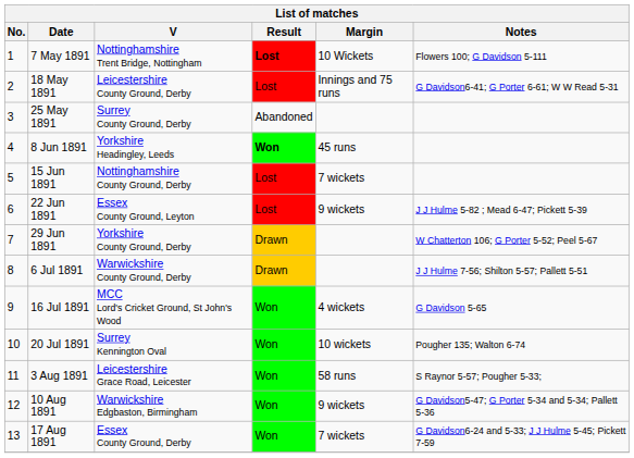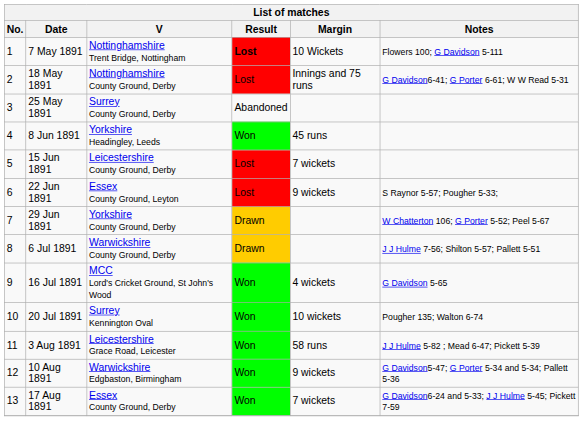 <table class="wikitable" width="100%">
 <tr>
 <th bgcolor="#efefef" colspan=6>List of matches</th>
 </tr>
 <tr bgcolor="#efefef">
 <th>No.</th>
 <th>Date</th>
 <th>V</th>
 <th>Result</th>
 <th>Margin</th>
 <th>Notes</th>
 </tr>
 <tr>
 <td>1</td>
 <td>7 May 1891</td>
 <td><a href='#'>Nottinghamshire</a><br><small> Trent Bridge, Nottingham </small></td>
 <td bgcolor="#FF0000"><strong>Lost</strong></td>
 <td>10 Wickets</td>
 <td><small> Flowers 100; <a href='#'>G Davidson</a> 5-111    </small></td>
 </tr>
 <tr>
 <td>2</td>
 <td>18 May 1891</td>
-<td><a href='#'>Leicestershire</a><br><small> County Ground, Derby </small></td>
+<td><a href='#'>Nottinghamshire</a><br><small> County Ground, Derby </small></td>
 <td bgcolor="#FF0000">Lost</td>
 <td>Innings and 75 runs</td>
 <td><small> <a href='#'>G Davidson</a>6-41; <a href='#'>G Porter</a> 6-61; W W Read 5-31 </small></td>
 </tr>
 <tr>
 <td>3</td>
 <td>25 May 1891</td>
 <td><a href='#'>Surrey</a><br><small> County Ground, Derby </small></td>
 <td>Abandoned</td>
 <td><small>    </small></td>
 </tr>
 <tr>
 <td>4</td>
 <td>8 Jun 1891</td>
 <td><a href='#'>Yorkshire</a> <br><small> Headingley, Leeds </small></td>
-<td bgcolor="#00FF00"><strong>Won</strong></td>
+<td bgcolor="#00FF00">Won</td>
 <td>45 runs</td>
 <td><small>    </small></td>
 </tr>
 <tr>
 <td>5</td>
 <td>15 Jun 1891</td>
-<td><a href='#'>Nottinghamshire</a><br><small> County Ground, Derby </small></td>
+<td><a href='#'>Leicestershire</a><br><small> County Ground, Derby </small></td>
 <td bgcolor="#FF0000">Lost</td>
 <td>7 wickets</td>
 <td><small>    </small></td>
 </tr>
 <tr>
 <td>6</td>
 <td>22 Jun 1891</td>
 <td><a href='#'>Essex</a><br><small> County Ground, Leyton </small></td>
 <td bgcolor="#FF0000">Lost</td>
 <td>9 wickets</td>
-<td><small><a href='#'>J J Hulme</a> 5-82 ; Mead 6-47; Pickett 5-39   </small></td>
+<td><small> S Raynor 5-57; Pougher 5-33;    </small></td>
 </tr>
 <tr>
 <td>7</td>
 <td>29 Jun 1891</td>
 <td><a href='#'>Yorkshire</a> <br><small> County Ground, Derby </small></td>
 <td bgcolor="#FFCC00">Drawn</td>
 <td></td>
 <td><small> <a href='#'>W Chatterton</a> 106; <a href='#'>G Porter</a> 5-52; Peel 5-67    </small></td>
 </tr>
 <tr>
 <td>8</td>
 <td>6 Jul 1891</td>
 <td><a href='#'>Warwickshire</a>  <br><small> County Ground, Derby </small></td>
 <td bgcolor="#FFCC00">Drawn</td>
 <td></td>
 <td><small> <a href='#'>J J Hulme</a> 7-56; Shilton 5-57; Pallett 5-51  </small></td>
 </tr>
 <tr>
 <td>9</td>
 <td>16 Jul 1891</td>
 <td><a href='#'>MCC</a><br><small> Lord's Cricket Ground, St John's Wood </small></td>
 <td bgcolor="#00FF00">Won</td>
 <td>4 wickets</td>
 <td><small><a href='#'>G Davidson</a> 5-65    </small></td>
 </tr>
 <tr>
 <td>10</td>
 <td>20 Jul 1891</td>
 <td><a href='#'>Surrey</a><br><small> Kennington Oval </small></td>
 <td bgcolor="#00FF00">Won</td>
 <td>10 wickets</td>
 <td><small>Pougher 135; Walton 6-74    </small></td>
 </tr>
 <tr>
 <td>11</td>
 <td>3 Aug 1891</td>
 <td><a href='#'>Leicestershire</a><br><small> Grace Road, Leicester </small></td>
 <td bgcolor="#00FF00">Won</td>
 <td>58 runs</td>
-<td><small> S Raynor 5-57; Pougher 5-33;    </small></td>
+<td><small><a href='#'>J J Hulme</a> 5-82 ; Mead 6-47; Pickett 5-39   </small></td>
 </tr>
 <tr>
 <td>12</td>
 <td>10 Aug 1891</td>
 <td><a href='#'>Warwickshire</a> <br><small> Edgbaston, Birmingham </small></td>
 <td bgcolor="#00FF00">Won</td>
 <td>9 wickets</td>
 <td><small> <a href='#'>G Davidson</a>5-47; <a href='#'>G Porter</a> 5-34 and 5-34; Pallett 5-36    </small></td>
 </tr>
 <tr>
 <td>13</td>
 <td>17 Aug 1891</td>
 <td><a href='#'>Essex</a><br><small> County Ground, Derby </small></td>
 <td bgcolor="#00FF00">Won</td>
 <td>7 wickets</td>
 <td><small> <a href='#'>G Davidson</a>6-24 and 5-33; <a href='#'>J J Hulme</a> 5-45; Pickett 7-59   </small></td>
 </tr>
 <tr>
 </tr>
 </table>
